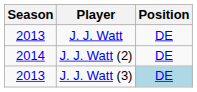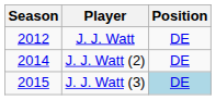 <table class="wikitable" style="text-align:center">
 <tr bgcolor="#efefef">
 <th>Season</th>
 <th>Player</th>
 <th>Position</th>
 </tr>
 <tr>
-<td><a href='#'>2013</a></td>
+<td><a href='#'>2012</a></td>
 <td><a href='#'>J. J. Watt</a></td>
 <td><a href='#'>DE</a></td>
 </tr>
 <tr>
 <td><a href='#'>2014</a></td>
 <td><a href='#'>J. J. Watt</a> (2)</td>
 <td><a href='#'>DE</a></td>
 </tr>
 <tr>
-<td><a href='#'>2013</a></td>
+<td><a href='#'>2015</a></td>
 <td><a href='#'>J. J. Watt</a> (3)</td>
 <td style="background: lightblue;"><a href='#'>DE</a></td>
 </tr>
 </table>
